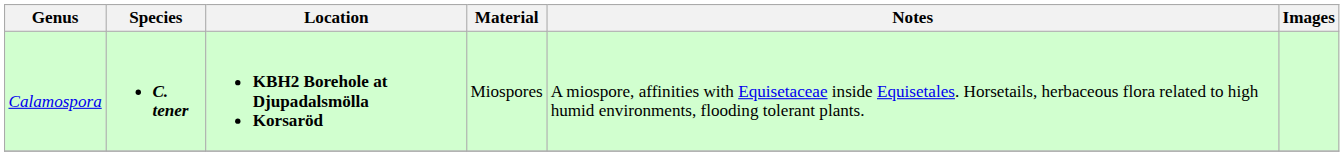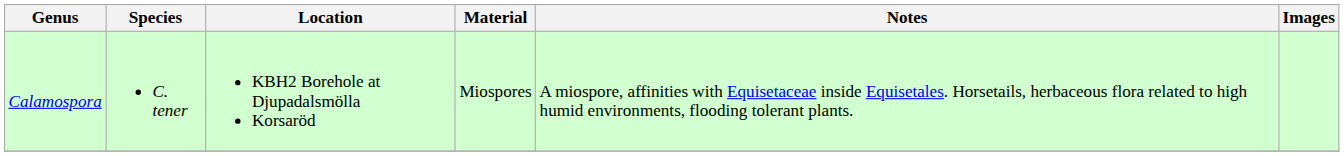 <table class="wikitable sortable">
 <tr>
 <th>Genus</th>
 <th>Species</th>
 <th>Location</th>
 <th>Material</th>
 <th>Notes</th>
 <th>Images</th>
 </tr>
 <tr>
 <td style="background:#D1FFCF;"><br><em><a href='#'>Calamospora</a></em></td>
-<td style="background:#D1FFCF;"><strong><br><ul><li><em>C. tener</em></li></ul></strong></td>
-<td style="background:#D1FFCF;"><strong><br><ul><li>KBH2 Borehole at Djupadalsmölla</li><li>Korsaröd</li></ul></strong></td>
+<td style="background:#D1FFCF;"><br><ul><li><em>C. tener</em></li></ul></td>
+<td style="background:#D1FFCF;"><br><ul><li>KBH2 Borehole at Djupadalsmölla</li><li>Korsaröd</li></ul></td>
 <td style="background:#D1FFCF;">Miospores</td>
 <td style="background:#D1FFCF;"><br>A miospore, affinities with <a href='#'>Equisetaceae</a> inside <a href='#'>Equisetales</a>. Horsetails, herbaceous flora related to high humid environments, flooding tolerant plants.</td>
 <td style="background:#D1FFCF;"><br></td>
 </tr>
 <tr>
 </tr>
 </table>
